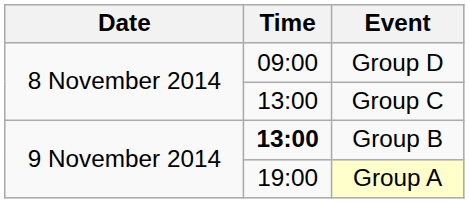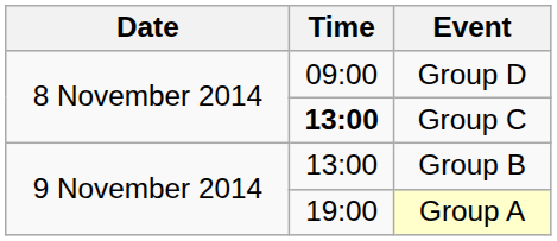 <table class = "wikitable" style="text-align:center;">
 <tr>
 <th width=150>Date</th>
 <th width=50>Time</th>
 <th width=80>Event</th>
 </tr>
 <tr>
 <td rowspan=2>8 November 2014</td>
 <td>09:00</td>
 <td>Group D</td>
 </tr>
 <tr>
-<td>13:00</td>
+<td><strong>13:00</strong></td>
 <td>Group C</td>
 </tr>
 <tr>
 <td rowspan=2>9 November 2014</td>
-<td><strong>13:00</strong></td>
+<td>13:00</td>
 <td>Group B</td>
 </tr>
 <tr>
 <td>19:00</td>
 <td bgcolor=ffffcc>Group A</td>
 </tr>
 </table>
